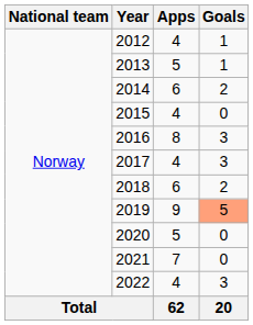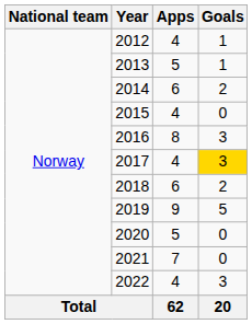 <table class="wikitable" style="text-align:center">
 <tr>
 <th>National team</th>
 <th>Year</th>
 <th>Apps</th>
 <th>Goals</th>
 </tr>
 <tr>
 <td rowspan="11"><a href='#'>Norway</a></td>
 <td>2012</td>
 <td>4</td>
 <td>1</td>
 </tr>
 <tr>
 <td>2013</td>
 <td>5</td>
 <td>1</td>
 </tr>
 <tr>
 <td>2014</td>
 <td>6</td>
 <td>2</td>
 </tr>
 <tr>
 <td>2015</td>
 <td>4</td>
 <td>0</td>
 </tr>
 <tr>
 <td>2016</td>
 <td>8</td>
 <td>3</td>
 </tr>
 <tr>
 <td>2017</td>
 <td>4</td>
-<td>3</td>
+<td style="background: gold;">3</td>
 </tr>
 <tr>
 <td>2018</td>
 <td>6</td>
 <td>2</td>
 </tr>
 <tr>
 <td>2019</td>
 <td>9</td>
-<td style="background: lightsalmon;">5</td>
+<td>5</td>
 </tr>
 <tr>
 <td>2020</td>
 <td>5</td>
 <td>0</td>
 </tr>
 <tr>
 <td>2021</td>
 <td>7</td>
 <td>0</td>
 </tr>
 <tr>
 <td>2022</td>
 <td>4</td>
 <td>3</td>
 </tr>
 <tr>
 <th colspan="2">Total</th>
 <th>62</th>
 <th>20</th>
 </tr>
 </table>
